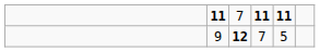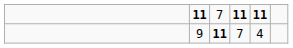 <table class="wikitable">
 <tr>
 <td style="width:15em"></td>
 <td align=center style="width:1em"><strong>11</strong></td>
 <td align=center style="width:1em">7</td>
 <td align=center style="width:1em"><strong>11</strong></td>
 <td align=center style="width:1em"><strong>11</strong></td>
 <td align=center style="width:1em"></td>
 </tr>
 <tr>
 <td style="width:15em"></td>
 <td align=center style="width:1em">9</td>
-<td align=center style="width:1em"><strong>12</strong></td>
+<td align=center style="width:1em"><strong>11</strong></td>
 <td align=center style="width:1em">7</td>
-<td align=center style="width:1em">5</td>
+<td align=center style="width:1em">4</td>
 <td align=center style="width:1em"></td>
 </tr>
 </table>
